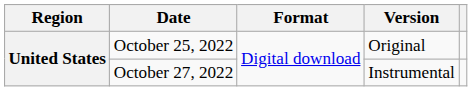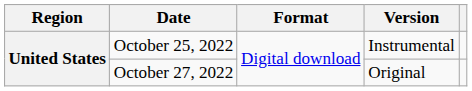 <table class="wikitable plainrowheaders">
 <tr>
 <th scope="col">Region</th>
 <th scope="col">Date</th>
 <th scope="col">Format</th>
 <th scope="col">Version</th>
 <th scope="col"></th>
 </tr>
 <tr>
 <th scope="row" rowspan="2">United States</th>
 <td>October 25, 2022</td>
 <td rowspan="2"><a href='#'>Digital download</a></td>
-<td>Original</td>
+<td>Instrumental</td>
 <td style="text-align:center;"></td>
 </tr>
 <tr>
 <td>October 27, 2022</td>
-<td>Instrumental</td>
+<td>Original</td>
 <td style="text-align:center;"></td>
 </tr>
 </table>
